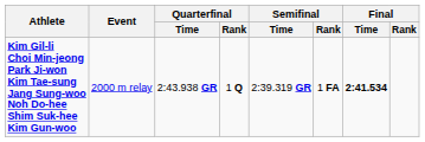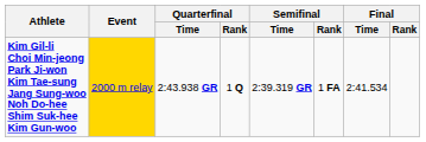 <table class="wikitable" style="font-size:90%">
 <tr>
 <th rowspan=2>Athlete</th>
 <th rowspan=2>Event</th>
 <th colspan=2>Quarterfinal</th>
 <th colspan=2>Semifinal</th>
 <th colspan=2>Final</th>
 </tr>
 <tr style="font-size:95%">
 <th>Time</th>
 <th>Rank</th>
 <th>Time</th>
 <th>Rank</th>
 <th>Time</th>
 <th>Rank</th>
 </tr>
 <tr align=center>
 <td align=left><strong><a href='#'>Kim Gil-li</a><br><a href='#'>Choi Min-jeong</a><br><a href='#'>Park Ji-won</a><br><a href='#'>Kim Tae-sung</a><br><a href='#'>Jang Sung-woo</a><br><a href='#'>Noh Do-hee</a><br><a href='#'>Shim Suk-hee</a><br><a href='#'>Kim Gun-woo</a></strong></td>
-<td align=left><a href='#'>2000 m relay</a></td>
+<td align=left style="background: gold;"><a href='#'>2000 m relay</a></td>
 <td>2:43.938 <strong><a href='#'>GR</a></strong></td>
 <td>1 <strong>Q</strong></td>
 <td>2:39.319 <strong><a href='#'>GR</a></strong></td>
 <td>1 <strong>FA</strong></td>
-<td><strong>2:41.534</strong></td>
+<td>2:41.534</td>
 <td></td>
 </tr>
 </table>
